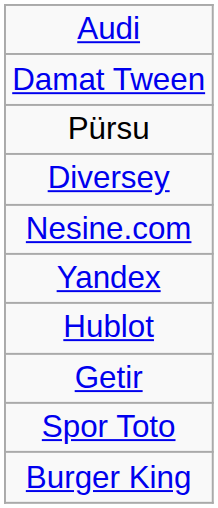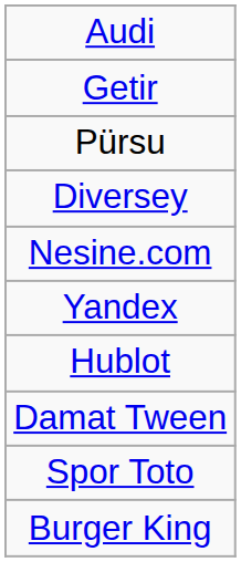 <table class="wikitable" style="text-align: center">
 <tr>
 <td><a href='#'>Audi</a></td>
 </tr>
 <tr>
-<td><a href='#'>Damat Tween</a></td>
+<td><a href='#'>Getir</a></td>
 </tr>
 <tr>
 <td>Pürsu</td>
 </tr>
 <tr>
 <td><a href='#'>Diversey</a></td>
 </tr>
 <tr>
 <td><a href='#'>Nesine.com</a></td>
 </tr>
 <tr>
 <td><a href='#'>Yandex</a></td>
 </tr>
 <tr>
 <td><a href='#'>Hublot</a></td>
 </tr>
 <tr>
-<td><a href='#'>Getir</a></td>
+<td><a href='#'>Damat Tween</a></td>
 </tr>
 <tr>
 <td><a href='#'>Spor Toto</a></td>
 </tr>
 <tr>
 <td><a href='#'>Burger King</a></td>
 </tr>
 </table>
